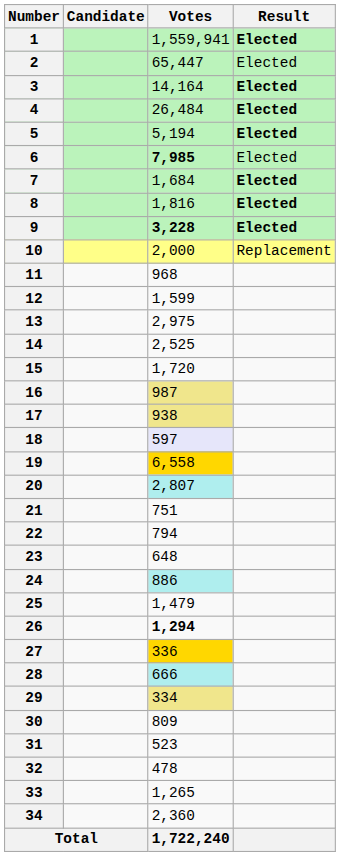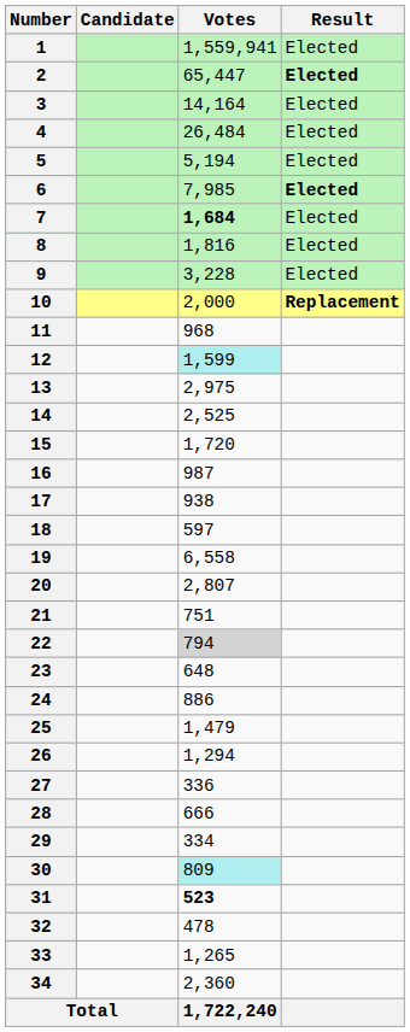 <table class="wikitable sortable col3right">
 <tr>
 <th scope="col">Number</th>
 <th scope="col">Candidate</th>
 <th scope="col">Votes</th>
 <th scope="col">Result</th>
 </tr>
 <tr bgcolor=bbf3bb>
 <th scope="row">1</th>
 <td></td>
 <td>1,559,941</td>
-<td><strong>Elected</strong></td>
+<td>Elected</td>
 </tr>
 <tr bgcolor=bbf3bb>
 <th scope="row">2</th>
 <td></td>
 <td>65,447</td>
-<td>Elected</td>
+<td><strong>Elected</strong></td>
 </tr>
 <tr bgcolor=bbf3bb>
 <th scope="row">3</th>
 <td></td>
 <td>14,164</td>
-<td><strong>Elected</strong></td>
+<td>Elected</td>
 </tr>
 <tr bgcolor=bbf3bb>
 <th scope="row">4</th>
 <td></td>
 <td>26,484</td>
-<td><strong>Elected</strong></td>
+<td>Elected</td>
 </tr>
 <tr bgcolor=bbf3bb>
 <th scope="row">5</th>
 <td></td>
 <td>5,194</td>
-<td><strong>Elected</strong></td>
+<td>Elected</td>
 </tr>
 <tr bgcolor=bbf3bb>
 <th scope="row">6</th>
 <td></td>
-<td><strong>7,985</strong></td>
-<td>Elected</td>
+<td>7,985</td>
+<td><strong>Elected</strong></td>
 </tr>
 <tr bgcolor=bbf3bb>
 <th scope="row">7</th>
 <td></td>
-<td>1,684</td>
-<td><strong>Elected</strong></td>
+<td><strong>1,684</strong></td>
+<td>Elected</td>
 </tr>
 <tr bgcolor=bbf3bb>
 <th scope="row">8</th>
 <td></td>
 <td>1,816</td>
-<td><strong>Elected</strong></td>
+<td>Elected</td>
 </tr>
 <tr bgcolor=bbf3bb>
 <th scope="row">9</th>
 <td></td>
-<td><strong>3,228</strong></td>
-<td><strong>Elected</strong></td>
+<td>3,228</td>
+<td>Elected</td>
 </tr>
 <tr bgcolor=#FF8>
 <th scope="row">10</th>
 <td></td>
 <td>2,000</td>
-<td>Replacement</td>
+<td><strong>Replacement</strong></td>
 </tr>
 <tr>
 <th scope="row">11</th>
 <td></td>
 <td>968</td>
 <td></td>
 </tr>
 <tr>
 <th scope="row">12</th>
 <td></td>
-<td>1,599</td>
+<td style="background: paleturquoise;">1,599</td>
 <td></td>
 </tr>
 <tr>
 <th scope="row">13</th>
 <td></td>
 <td>2,975</td>
 <td></td>
 </tr>
 <tr>
 <th scope="row">14</th>
 <td></td>
 <td>2,525</td>
 <td></td>
 </tr>
 <tr>
 <th scope="row">15</th>
 <td></td>
 <td>1,720</td>
 <td></td>
 </tr>
 <tr>
 <th scope="row">16</th>
 <td></td>
-<td style="background: khaki;">987</td>
+<td>987</td>
 <td></td>
 </tr>
 <tr>
 <th scope="row">17</th>
 <td></td>
-<td style="background: khaki;">938</td>
+<td>938</td>
 <td></td>
 </tr>
 <tr>
 <th scope="row">18</th>
 <td></td>
-<td style="background: lavender;">597</td>
+<td>597</td>
 <td></td>
 </tr>
 <tr>
 <th scope="row">19</th>
 <td></td>
-<td style="background: gold;">6,558</td>
+<td>6,558</td>
 <td></td>
 </tr>
 <tr>
 <th scope="row">20</th>
 <td></td>
-<td style="background: paleturquoise;">2,807</td>
+<td>2,807</td>
 <td></td>
 </tr>
 <tr>
 <th scope="row">21</th>
 <td></td>
 <td>751</td>
 <td></td>
 </tr>
 <tr>
 <th scope="row">22</th>
 <td></td>
-<td>794</td>
+<td style="background: lightgrey;">794</td>
 <td></td>
 </tr>
 <tr>
 <th scope="row">23</th>
 <td></td>
 <td>648</td>
 <td></td>
 </tr>
 <tr>
 <th scope="row">24</th>
 <td></td>
-<td style="background: paleturquoise;">886</td>
+<td>886</td>
 <td></td>
 </tr>
 <tr>
 <th scope="row">25</th>
 <td></td>
 <td>1,479</td>
 <td></td>
 </tr>
 <tr>
 <th scope="row">26</th>
 <td></td>
-<td><strong>1,294</strong></td>
+<td>1,294</td>
 <td></td>
 </tr>
 <tr>
 <th scope="row">27</th>
 <td></td>
-<td style="background: gold;">336</td>
+<td>336</td>
 <td></td>
 </tr>
 <tr>
 <th scope="row">28</th>
 <td></td>
-<td style="background: paleturquoise;">666</td>
+<td>666</td>
 <td></td>
 </tr>
 <tr>
 <th scope="row">29</th>
 <td></td>
-<td style="background: khaki;">334</td>
+<td>334</td>
 <td></td>
 </tr>
 <tr>
 <th scope="row">30</th>
 <td></td>
-<td>809</td>
+<td style="background: paleturquoise;">809</td>
 <td></td>
 </tr>
 <tr>
 <th scope="row">31</th>
 <td></td>
-<td>523</td>
+<td><strong>523</strong></td>
 <td></td>
 </tr>
 <tr>
 <th scope="row">32</th>
 <td></td>
 <td>478</td>
 <td></td>
 </tr>
 <tr>
 <th scope="row">33</th>
 <td></td>
 <td>1,265</td>
 <td></td>
 </tr>
 <tr>
 <th scope="row">34</th>
 <td></td>
 <td>2,360</td>
 <td></td>
 </tr>
 <tr class="sortbottom">
 <th scope="row" colspan="2">Total</th>
 <th style="text-align:right">1,722,240</th>
 <th></th>
 </tr>
 </table>
